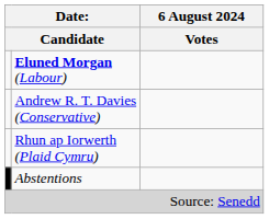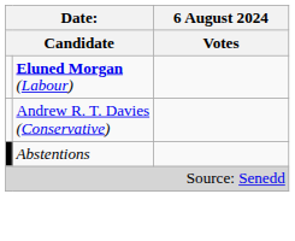 <table class="wikitable">
 <tr>
 <th colspan="2" width="130px">Date:</th>
 <th width="130px">6 August 2024</th>
 </tr>
 <tr>
 <th colspan="2">Candidate</th>
 <th>Votes</th>
 </tr>
 <tr>
 <td style="color:inherit;background:"></td>
 <td><strong><a href='#'>Eluned Morgan</a></strong><br><em>(<a href='#'>Labour</a>)</em></td>
 <td></td>
 </tr>
 <tr>
 <td style="color:inherit;background:"></td>
 <td><a href='#'>Andrew R. T. Davies</a><br><em>(<a href='#'>Conservative</a>)</em></td>
 <td></td>
 </tr>
 <tr>
-<td style="color:inherit;background:"></td>
-<td><a href='#'>Rhun ap Iorwerth</a><br><em>(<a href='#'>Plaid Cymru</a>)</em></td>
-<td></td>
-</tr>
-<tr>
 <td style="color:inherit;background:black"></td>
 <td><em>Abstentions</em></td>
 <td></td>
 </tr>
 <tr>
 <td style="background:#D5D5D5; text-align:right" colspan="3">Source: <a href='#'>Senedd</a></td>
 </tr>
 </table>
